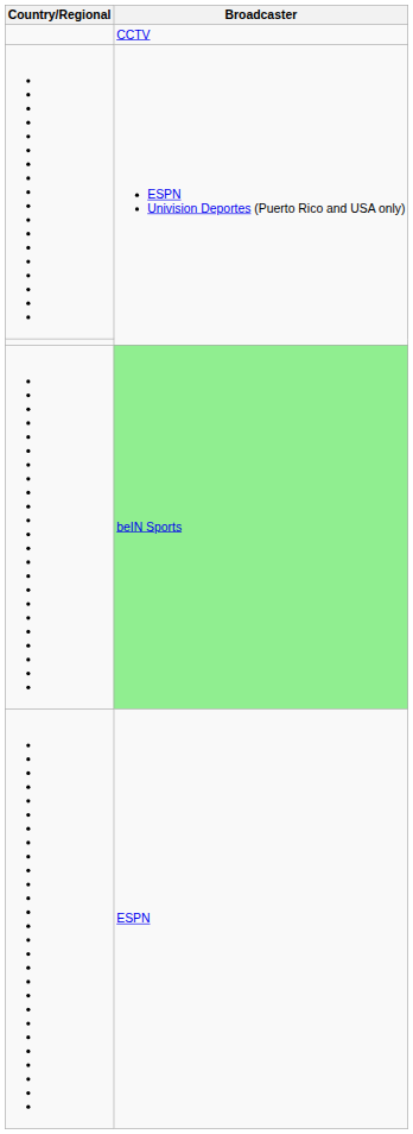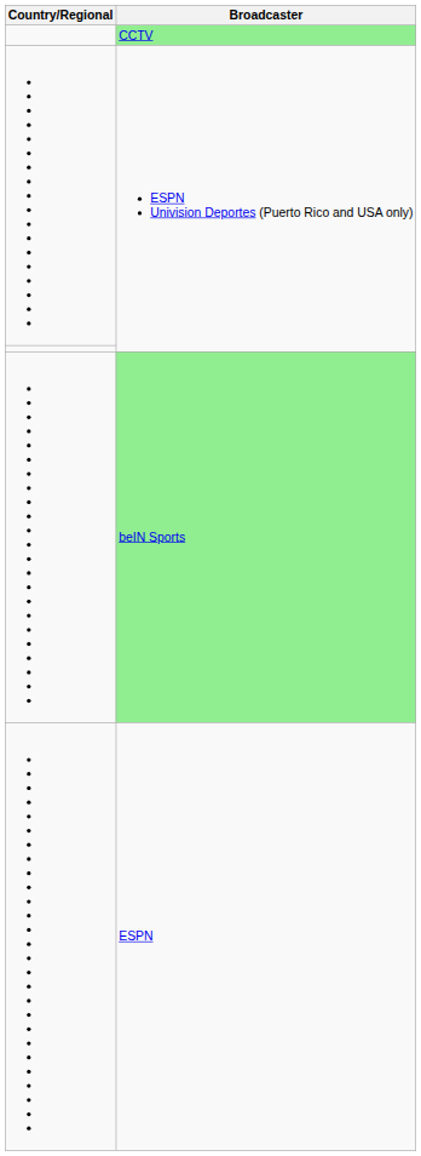 <table class="wikitable">
 <tr>
 <th>Country/Regional</th>
 <th>Broadcaster</th>
 </tr>
 <tr>
 <td></td>
-<td><a href='#'>CCTV</a></td>
+<td style="background: lightgreen;"><a href='#'>CCTV</a></td>
 </tr>
 <tr>
 <td><br><ul><li></li><li></li><li></li><li></li><li></li><li></li><li></li><li></li><li></li><li></li><li></li><li></li><li></li><li></li><li></li><li></li><li></li><li></li></ul></td>
 <td rowspan="2"><br><ul><li><a href='#'>ESPN</a></li><li><a href='#'>Univision Deportes</a> (Puerto Rico and USA only)</li></ul></td>
 </tr>
 <tr>
 <td></td>
 </tr>
 <tr>
 <td><br><ul><li></li><li></li><li></li><li></li><li></li><li></li><li></li><li></li><li></li><li></li><li></li><li></li><li></li><li></li><li></li><li></li><li></li><li></li><li></li><li></li><li></li><li></li><li></li></ul></td>
 <td style="background: lightgreen;"><a href='#'>beIN Sports</a></td>
 </tr>
 <tr>
 <td><br><ul><li></li><li></li><li></li><li></li><li></li><li></li><li></li><li></li><li></li><li></li><li></li><li></li><li></li><li></li><li></li><li></li><li></li><li></li><li></li><li></li><li></li><li></li><li></li><li></li><li></li><li></li><li></li></ul></td>
 <td><a href='#'>ESPN</a></td>
 </tr>
 </table>
